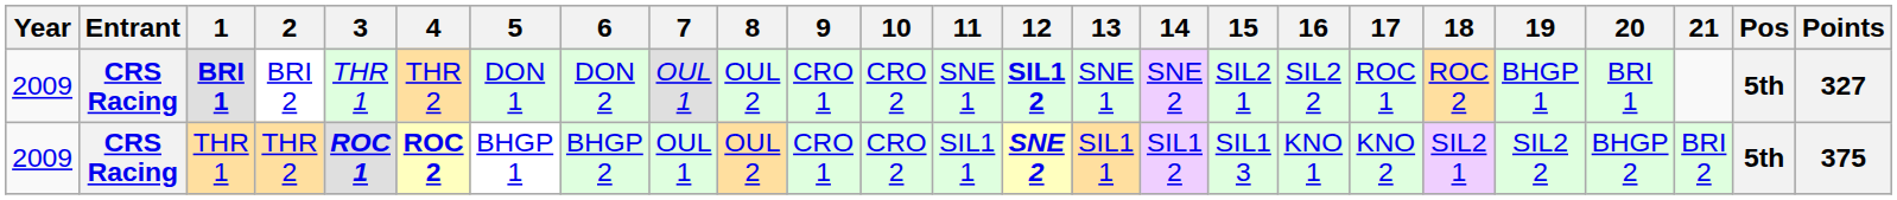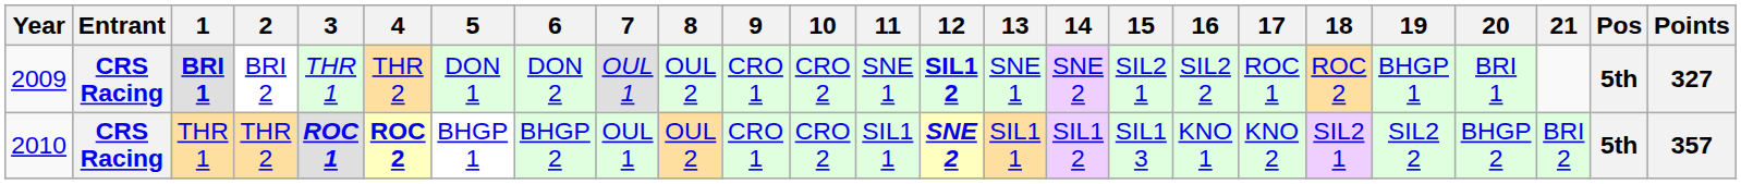 <table class="wikitable" style="text-align:center; font-size:90%">
 <tr>
 <th>Year</th>
 <th>Entrant</th>
 <th>1</th>
 <th>2</th>
 <th>3</th>
 <th>4</th>
 <th>5</th>
 <th>6</th>
 <th>7</th>
 <th>8</th>
 <th>9</th>
 <th>10</th>
 <th>11</th>
 <th>12</th>
 <th>13</th>
 <th>14</th>
 <th>15</th>
 <th>16</th>
 <th>17</th>
 <th>18</th>
 <th>19</th>
 <th>20</th>
 <th>21</th>
 <th>Pos</th>
 <th>Points</th>
 </tr>
 <tr>
 <td><a href='#'>2009</a></td>
 <th><a href='#'>CRS Racing</a></th>
 <td style="background:#DFDFDF;"><strong><a href='#'>BRI<br>1</a></strong><br></td>
 <td style="background:#FFFFFF;"><a href='#'>BRI<br>2</a><br></td>
 <td style="background:#DFFFDF;"><em><a href='#'>THR<br>1</a></em><br></td>
 <td style="background:#FFDF9F;"><a href='#'>THR<br>2</a><br></td>
 <td style="background:#DFFFDF;"><a href='#'>DON<br>1</a><br></td>
 <td style="background:#DFFFDF;"><a href='#'>DON<br>2</a><br></td>
 <td style="background:#DFDFDF;"><em><a href='#'>OUL<br>1</a></em><br></td>
 <td style="background:#DFFFDF;"><a href='#'>OUL<br>2</a><br></td>
 <td style="background:#DFFFDF;"><a href='#'>CRO<br>1</a><br></td>
 <td style="background:#DFFFDF;"><a href='#'>CRO<br>2</a><br></td>
 <td style="background:#DFFFDF;"><a href='#'>SNE<br>1</a><br></td>
 <td style="background:#DFFFDF;"><strong><a href='#'>SIL1<br>2</a><br></strong></td>
 <td style="background:#DFFFDF;"><a href='#'>SNE<br>1</a><br></td>
 <td style="background:#EFCFFF;"><a href='#'>SNE<br>2</a><br></td>
 <td style="background:#DFFFDF;"><a href='#'>SIL2<br>1</a><br></td>
 <td style="background:#DFFFDF;"><a href='#'>SIL2<br>2</a><br></td>
 <td style="background:#DFFFDF;"><a href='#'>ROC<br>1</a><br></td>
 <td style="background:#FFDF9F;"><a href='#'>ROC<br>2</a><br></td>
 <td style="background:#DFFFDF;"><a href='#'>BHGP<br>1</a><br></td>
 <td style="background:#DFFFDF;"><a href='#'>BRI<br>1</a><br></td>
 <td></td>
 <th>5th</th>
 <th>327</th>
 </tr>
 <tr>
-<td><a href='#'>2009</a></td>
+<td><a href='#'>2010</a></td>
 <th><a href='#'>CRS Racing</a></th>
 <td style="background:#FFDF9F;"><a href='#'>THR<br>1</a><br></td>
 <td style="background:#FFDF9F;"><a href='#'>THR<br>2</a><br></td>
 <td style="background:#DFDFDF;"><strong><em><a href='#'>ROC<br>1</a></em></strong><br></td>
 <td style="background:#FFFFBF;"><strong><a href='#'>ROC<br>2</a></strong><br></td>
 <td style="background:#FFFFFF;"><a href='#'>BHGP<br>1</a><br></td>
 <td style="background:#DFFFDF;"><a href='#'>BHGP<br>2</a><br></td>
 <td style="background:#DFFFDF;"><a href='#'>OUL<br>1</a><br></td>
 <td style="background:#FFDF9F;"><a href='#'>OUL<br>2</a><br></td>
 <td style="background:#DFFFDF;"><a href='#'>CRO<br>1</a><br></td>
 <td style="background:#DFFFDF;"><a href='#'>CRO<br>2</a><br></td>
 <td style="background:#DFFFDF;"><a href='#'>SIL1<br>1</a><br></td>
 <td style="background:#FFFFBF;"><strong><em><a href='#'>SNE<br>2</a></em></strong><br></td>
 <td style="background:#FFDF9F;"><a href='#'>SIL1<br>1</a><br></td>
 <td style="background:#EFCFFF;"><a href='#'>SIL1<br>2</a><br></td>
 <td style="background:#DFFFDF;"><a href='#'>SIL1<br>3</a><br></td>
 <td style="background:#DFFFDF;"><a href='#'>KNO<br>1</a><br></td>
 <td style="background:#DFFFDF;"><a href='#'>KNO<br>2</a><br></td>
 <td style="background:#EFCFFF;"><a href='#'>SIL2<br>1</a><br></td>
 <td style="background:#DFFFDF;"><a href='#'>SIL2<br>2</a><br></td>
 <td style="background:#DFFFDF;"><a href='#'>BHGP<br>2</a><br></td>
 <td style="background:#DFFFDF;"><a href='#'>BRI<br>2</a><br></td>
 <th>5th</th>
-<th>375</th>
+<th>357</th>
 </tr>
 </table>
